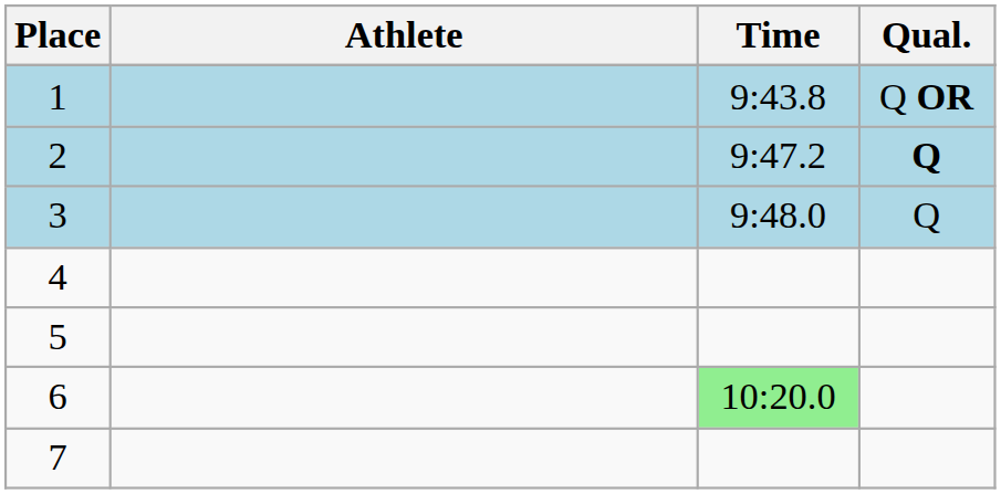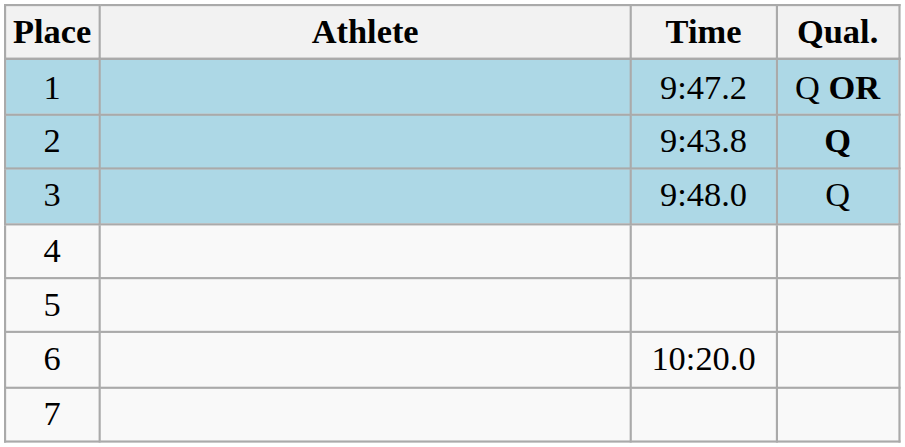 <table class=wikitable style="text-align:center">
 <tr>
 <th width=20>Place</th>
 <th width=240>Athlete</th>
 <th width=60>Time</th>
 <th width=50>Qual.</th>
 </tr>
 <tr>
 </tr>
 <tr bgcolor=lightblue>
 <td>1</td>
 <td align=left></td>
-<td>9:43.8</td>
+<td>9:47.2</td>
 <td>Q <strong>OR</strong></td>
 </tr>
 <tr bgcolor=lightblue>
 <td>2</td>
 <td align=left></td>
-<td>9:47.2</td>
+<td>9:43.8</td>
 <td><strong>Q</strong></td>
 </tr>
 <tr bgcolor=lightblue>
 <td>3</td>
 <td align=left></td>
 <td>9:48.0</td>
 <td>Q</td>
 </tr>
 <tr>
 <td>4</td>
 <td align=left></td>
 <td></td>
 <td></td>
 </tr>
 <tr>
 <td>5</td>
 <td align=left></td>
 <td></td>
 <td></td>
 </tr>
 <tr>
 <td>6</td>
 <td align=left></td>
-<td style="background: lightgreen;">10:20.0</td>
+<td>10:20.0</td>
 <td></td>
 </tr>
 <tr>
 <td>7</td>
 <td align=left></td>
 <td></td>
 <td></td>
 </tr>
 </table>
